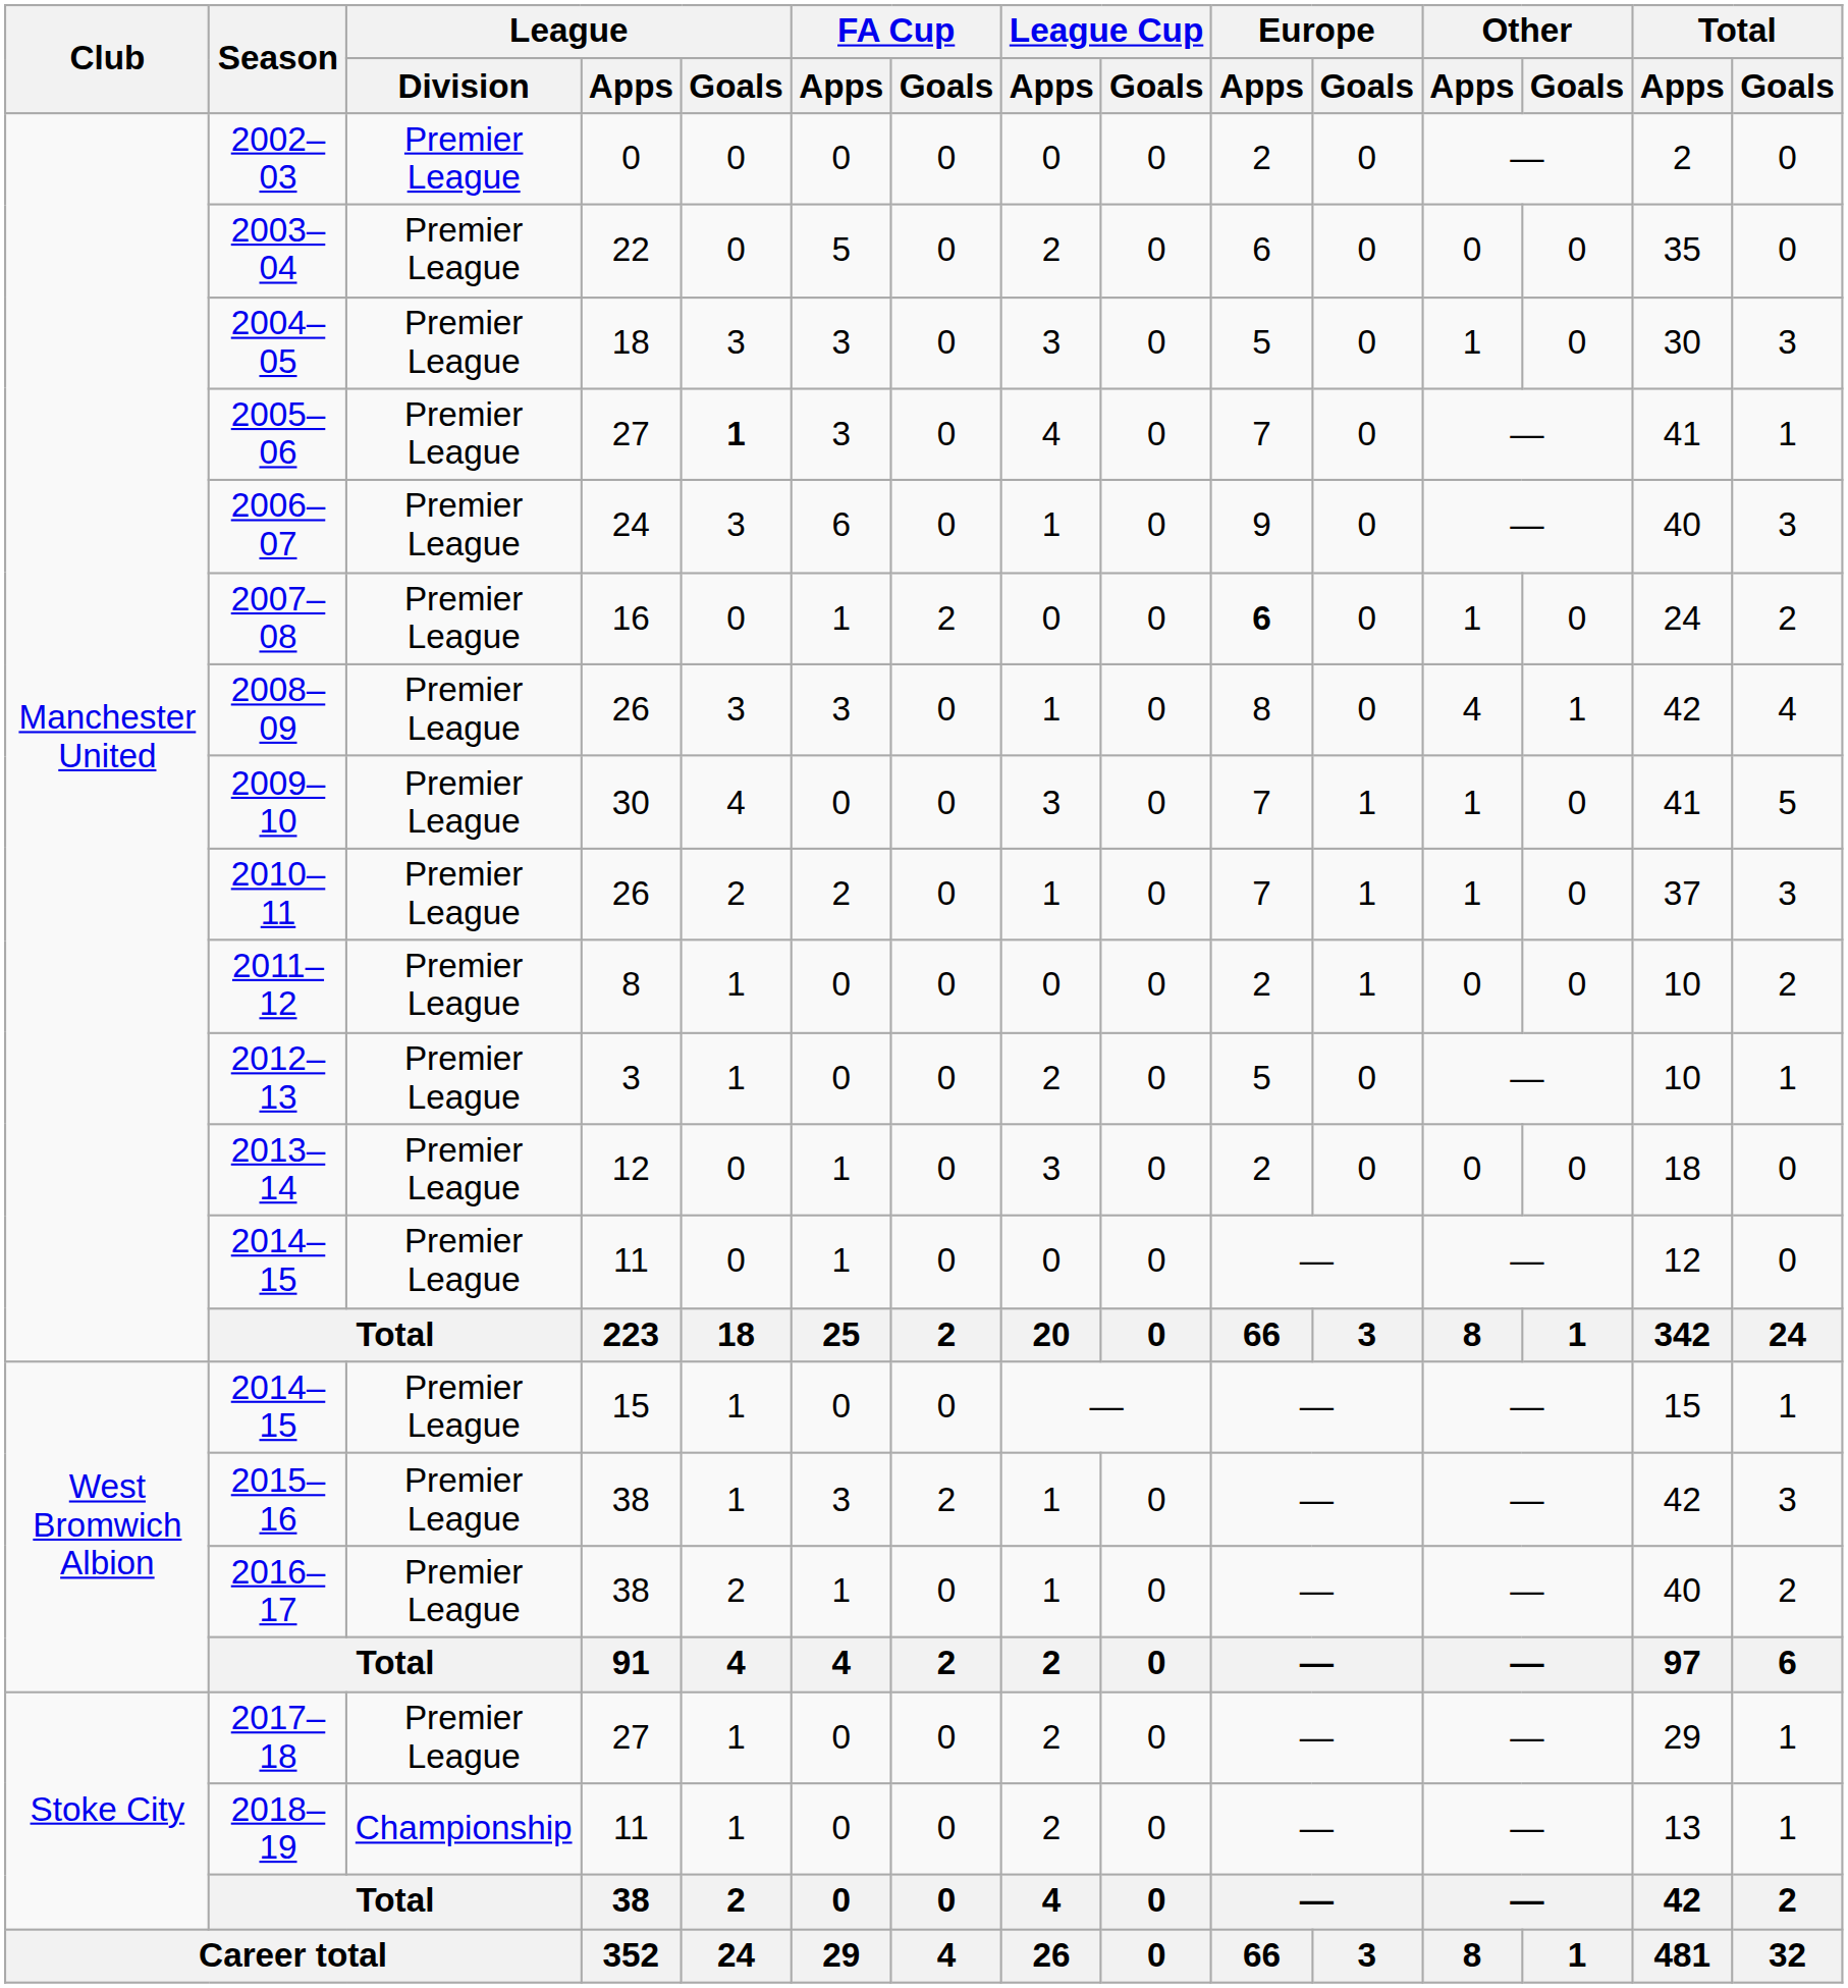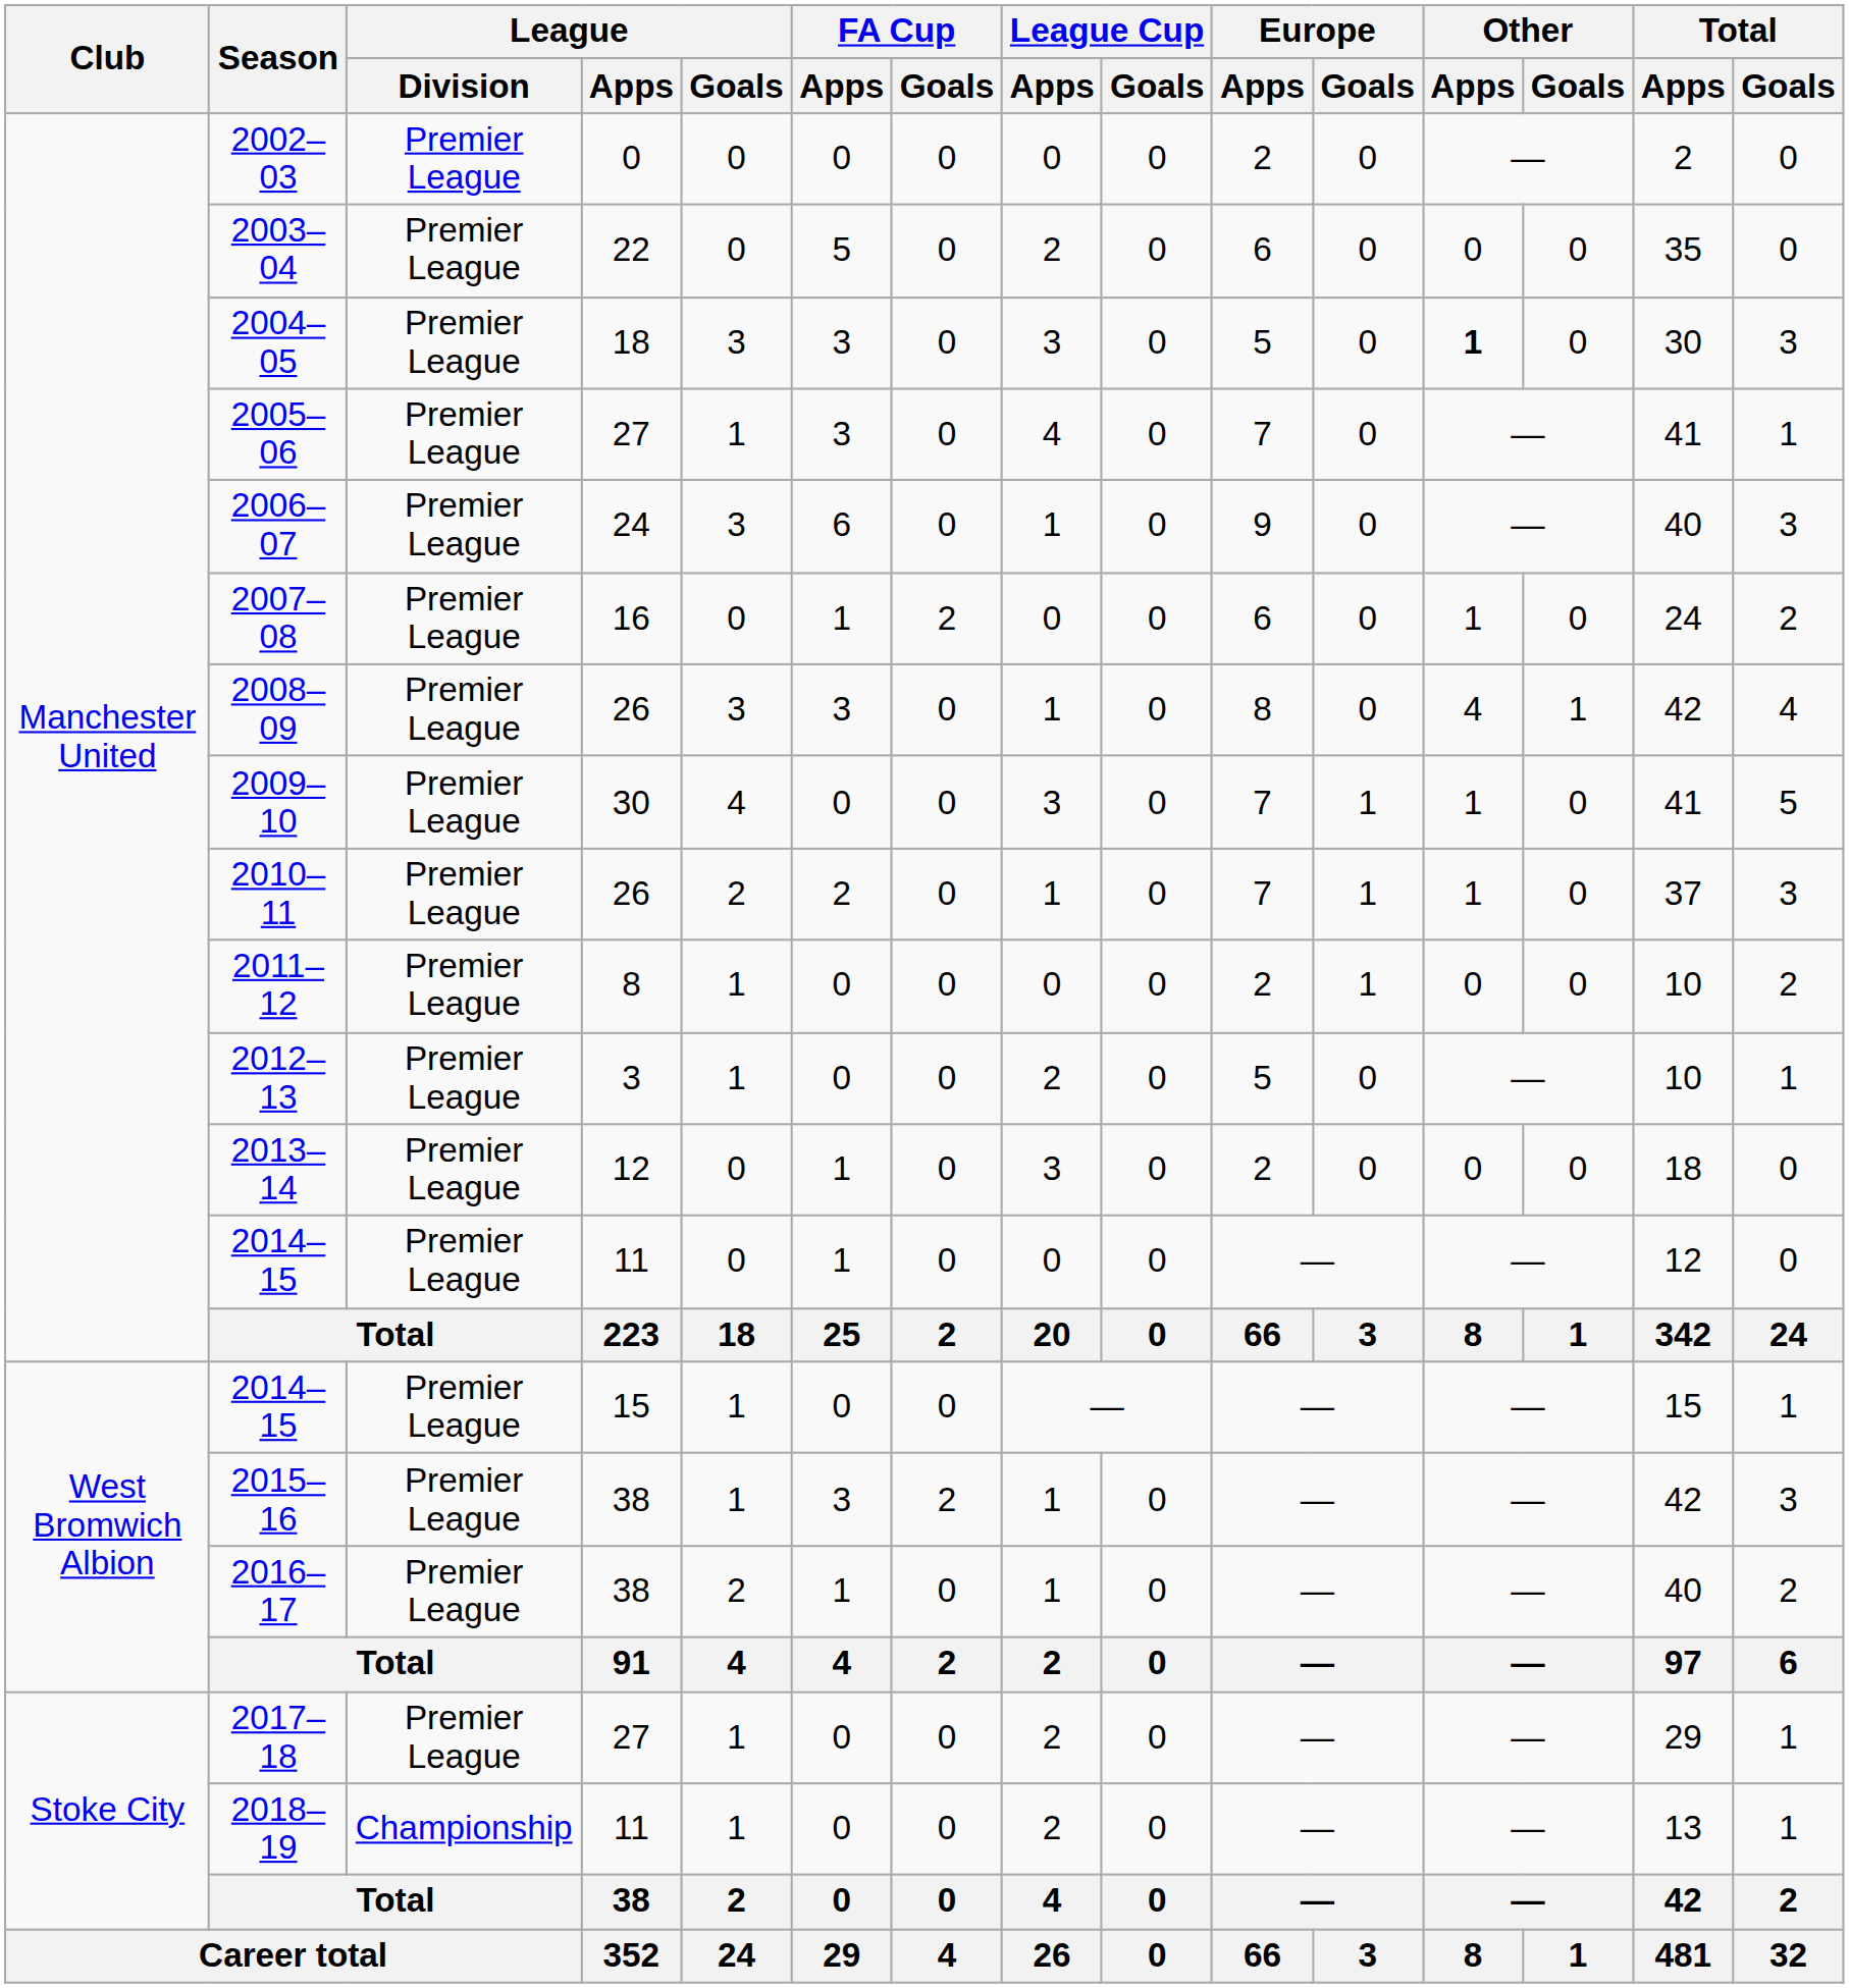 <table class="wikitable" style="text-align:center">
 <tr>
 <th rowspan="2">Club</th>
 <th rowspan="2">Season</th>
 <th colspan="3">League</th>
 <th colspan="2"><a href='#'>FA Cup</a></th>
 <th colspan="2"><a href='#'>League Cup</a></th>
 <th colspan="2">Europe</th>
 <th colspan="2">Other</th>
 <th colspan="2">Total</th>
 </tr>
 <tr>
 <th>Division</th>
 <th>Apps</th>
 <th>Goals</th>
 <th>Apps</th>
 <th>Goals</th>
 <th>Apps</th>
 <th>Goals</th>
 <th>Apps</th>
 <th>Goals</th>
 <th>Apps</th>
 <th>Goals</th>
 <th>Apps</th>
 <th>Goals</th>
 </tr>
 <tr>
 <td rowspan="14"><a href='#'>Manchester United</a></td>
 <td><a href='#'>2002–03</a></td>
 <td><a href='#'>Premier League</a></td>
 <td>0</td>
 <td>0</td>
 <td>0</td>
 <td>0</td>
 <td>0</td>
 <td>0</td>
 <td>2</td>
 <td>0</td>
 <td colspan="2">—</td>
 <td>2</td>
 <td>0</td>
 </tr>
 <tr>
 <td><a href='#'>2003–04</a></td>
 <td>Premier League</td>
 <td>22</td>
 <td>0</td>
 <td>5</td>
 <td>0</td>
 <td>2</td>
 <td>0</td>
 <td>6</td>
 <td>0</td>
 <td>0</td>
 <td>0</td>
 <td>35</td>
 <td>0</td>
 </tr>
 <tr>
 <td><a href='#'>2004–05</a></td>
 <td>Premier League</td>
 <td>18</td>
 <td>3</td>
 <td>3</td>
 <td>0</td>
 <td>3</td>
 <td>0</td>
 <td>5</td>
 <td>0</td>
-<td>1</td>
+<td><strong>1</strong></td>
 <td>0</td>
 <td>30</td>
 <td>3</td>
 </tr>
 <tr>
 <td><a href='#'>2005–06</a></td>
 <td>Premier League</td>
 <td>27</td>
-<td><strong>1</strong></td>
+<td>1</td>
 <td>3</td>
 <td>0</td>
 <td>4</td>
 <td>0</td>
 <td>7</td>
 <td>0</td>
 <td colspan="2">—</td>
 <td>41</td>
 <td>1</td>
 </tr>
 <tr>
 <td><a href='#'>2006–07</a></td>
 <td>Premier League</td>
 <td>24</td>
 <td>3</td>
 <td>6</td>
 <td>0</td>
 <td>1</td>
 <td>0</td>
 <td>9</td>
 <td>0</td>
 <td colspan="2">—</td>
 <td>40</td>
 <td>3</td>
 </tr>
 <tr>
 <td><a href='#'>2007–08</a></td>
 <td>Premier League</td>
 <td>16</td>
 <td>0</td>
 <td>1</td>
 <td>2</td>
 <td>0</td>
 <td>0</td>
-<td><strong>6</strong></td>
+<td>6</td>
 <td>0</td>
 <td>1</td>
 <td>0</td>
 <td>24</td>
 <td>2</td>
 </tr>
 <tr>
 <td><a href='#'>2008–09</a></td>
 <td>Premier League</td>
 <td>26</td>
 <td>3</td>
 <td>3</td>
 <td>0</td>
 <td>1</td>
 <td>0</td>
 <td>8</td>
 <td>0</td>
 <td>4</td>
 <td>1</td>
 <td>42</td>
 <td>4</td>
 </tr>
 <tr>
 <td><a href='#'>2009–10</a></td>
 <td>Premier League</td>
 <td>30</td>
 <td>4</td>
 <td>0</td>
 <td>0</td>
 <td>3</td>
 <td>0</td>
 <td>7</td>
 <td>1</td>
 <td>1</td>
 <td>0</td>
 <td>41</td>
 <td>5</td>
 </tr>
 <tr>
 <td><a href='#'>2010–11</a></td>
 <td>Premier League</td>
 <td>26</td>
 <td>2</td>
 <td>2</td>
 <td>0</td>
 <td>1</td>
 <td>0</td>
 <td>7</td>
 <td>1</td>
 <td>1</td>
 <td>0</td>
 <td>37</td>
 <td>3</td>
 </tr>
 <tr>
 <td><a href='#'>2011–12</a></td>
 <td>Premier League</td>
 <td>8</td>
 <td>1</td>
 <td>0</td>
 <td>0</td>
 <td>0</td>
 <td>0</td>
 <td>2</td>
 <td>1</td>
 <td>0</td>
 <td>0</td>
 <td>10</td>
 <td>2</td>
 </tr>
 <tr>
 <td><a href='#'>2012–13</a></td>
 <td>Premier League</td>
 <td>3</td>
 <td>1</td>
 <td>0</td>
 <td>0</td>
 <td>2</td>
 <td>0</td>
 <td>5</td>
 <td>0</td>
 <td colspan="2">—</td>
 <td>10</td>
 <td>1</td>
 </tr>
 <tr>
 <td><a href='#'>2013–14</a></td>
 <td>Premier League</td>
 <td>12</td>
 <td>0</td>
 <td>1</td>
 <td>0</td>
 <td>3</td>
 <td>0</td>
 <td>2</td>
 <td>0</td>
 <td>0</td>
 <td>0</td>
 <td>18</td>
 <td>0</td>
 </tr>
 <tr>
 <td><a href='#'>2014–15</a></td>
 <td>Premier League</td>
 <td>11</td>
 <td>0</td>
 <td>1</td>
 <td>0</td>
 <td>0</td>
 <td>0</td>
 <td colspan="2">—</td>
 <td colspan="2">—</td>
 <td>12</td>
 <td>0</td>
 </tr>
 <tr>
 <th colspan="2">Total</th>
 <th>223</th>
 <th>18</th>
 <th>25</th>
 <th>2</th>
 <th>20</th>
 <th>0</th>
 <th>66</th>
 <th>3</th>
 <th>8</th>
 <th>1</th>
 <th>342</th>
 <th>24</th>
 </tr>
 <tr>
 <td rowspan="4"><a href='#'>West Bromwich Albion</a></td>
 <td><a href='#'>2014–15</a></td>
 <td>Premier League</td>
 <td>15</td>
 <td>1</td>
 <td>0</td>
 <td>0</td>
 <td colspan="2">—</td>
 <td colspan="2">—</td>
 <td colspan="2">—</td>
 <td>15</td>
 <td>1</td>
 </tr>
 <tr>
 <td><a href='#'>2015–16</a></td>
 <td>Premier League</td>
 <td>38</td>
 <td>1</td>
 <td>3</td>
 <td>2</td>
 <td>1</td>
 <td>0</td>
 <td colspan="2">—</td>
 <td colspan="2">—</td>
 <td>42</td>
 <td>3</td>
 </tr>
 <tr>
 <td><a href='#'>2016–17</a></td>
 <td>Premier League</td>
 <td>38</td>
 <td>2</td>
 <td>1</td>
 <td>0</td>
 <td>1</td>
 <td>0</td>
 <td colspan="2">—</td>
 <td colspan="2">—</td>
 <td>40</td>
 <td>2</td>
 </tr>
 <tr>
 <th colspan="2">Total</th>
 <th>91</th>
 <th>4</th>
 <th>4</th>
 <th>2</th>
 <th>2</th>
 <th>0</th>
 <th colspan="2">—</th>
 <th colspan="2">—</th>
 <th>97</th>
 <th>6</th>
 </tr>
 <tr>
 <td rowspan="3"><a href='#'>Stoke City</a></td>
 <td><a href='#'>2017–18</a></td>
 <td>Premier League</td>
 <td>27</td>
 <td>1</td>
 <td>0</td>
 <td>0</td>
 <td>2</td>
 <td>0</td>
 <td colspan="2">—</td>
 <td colspan="2">—</td>
 <td>29</td>
 <td>1</td>
 </tr>
 <tr>
 <td><a href='#'>2018–19</a></td>
 <td><a href='#'>Championship</a></td>
 <td>11</td>
 <td>1</td>
 <td>0</td>
 <td>0</td>
 <td>2</td>
 <td>0</td>
 <td colspan="2">—</td>
 <td colspan="2">—</td>
 <td>13</td>
 <td>1</td>
 </tr>
 <tr>
 <th colspan="2">Total</th>
 <th>38</th>
 <th>2</th>
 <th>0</th>
 <th>0</th>
 <th>4</th>
 <th>0</th>
 <th colspan="2">—</th>
 <th colspan="2">—</th>
 <th>42</th>
 <th>2</th>
 </tr>
 <tr>
 <th colspan="3">Career total</th>
 <th>352</th>
 <th>24</th>
 <th>29</th>
 <th>4</th>
 <th>26</th>
 <th>0</th>
 <th>66</th>
 <th>3</th>
 <th>8</th>
 <th>1</th>
 <th>481</th>
 <th>32</th>
 </tr>
 </table>
